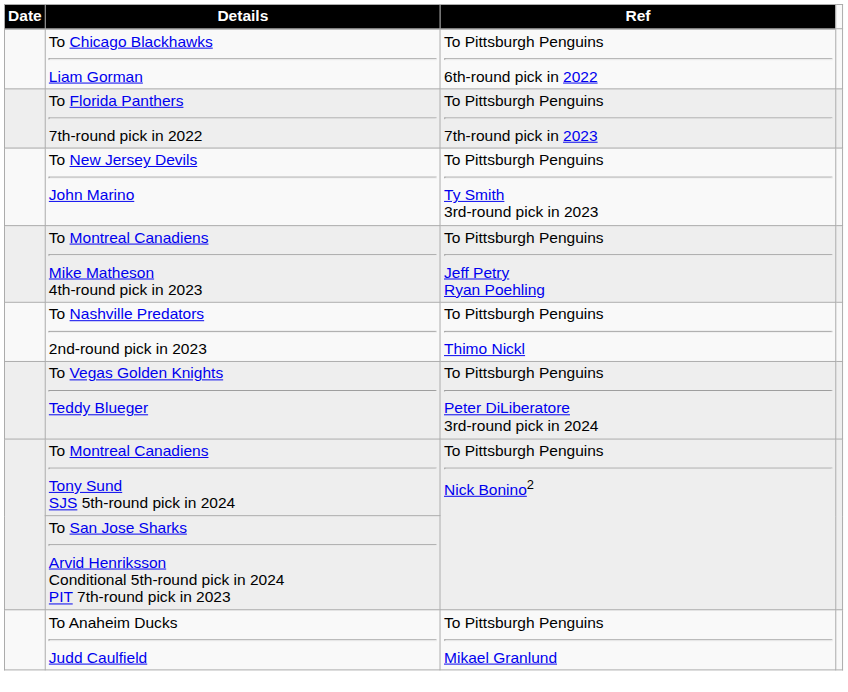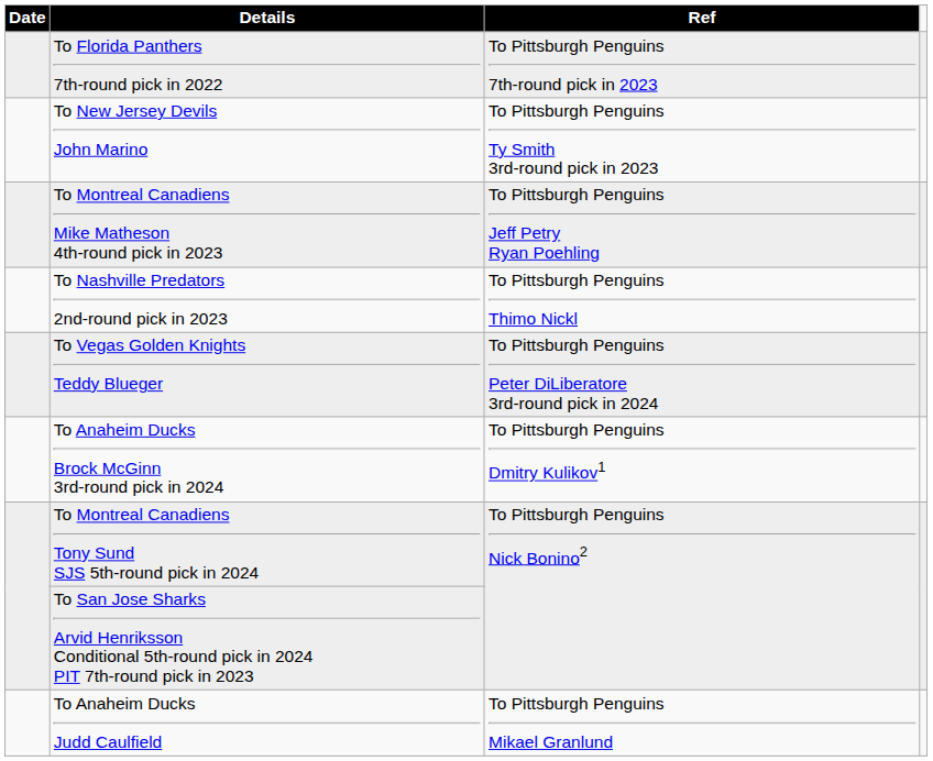 <table class="wikitable">
 <tr>
 <th style="color:white; background:#000000; ">Date</th>
 <th style="color:white; background:#000000; ">Details</th>
 <th style="color:white; background:#000000; ">Ref</th>
-</tr>
-<tr>
-<td></td>
-<td style="width: 25em;" valign="top">To <a href='#'>Chicago Blackhawks</a><hr><a href='#'>Liam Gorman</a></td>
-<td style="width: 25em;" valign="top">To Pittsburgh Penguins<hr>6th-round pick in <a href='#'>2022</a></td>
-<td></td>
 </tr>
 <tr bgcolor="eeeeee">
 <td></td>
 <td style="width: 25em;" valign="top">To <a href='#'>Florida Panthers</a><hr>7th-round pick in 2022</td>
 <td style="width: 25em;" valign="top">To Pittsburgh Penguins<hr>7th-round pick in <a href='#'>2023</a></td>
 <td></td>
 </tr>
 <tr>
 <td></td>
 <td style="width: 25em;" valign="top">To <a href='#'>New Jersey Devils</a><hr><a href='#'>John Marino</a></td>
 <td style="width: 25em;" valign="top">To Pittsburgh Penguins<hr><a href='#'>Ty Smith</a><br>3rd-round pick in 2023</td>
 <td></td>
 </tr>
 <tr bgcolor="eeeeee">
 <td></td>
 <td style="width: 25em;" valign="top">To <a href='#'>Montreal Canadiens</a><hr><a href='#'>Mike Matheson</a><br>4th-round pick in 2023</td>
 <td style="width: 25em;" valign="top">To Pittsburgh Penguins<hr><a href='#'>Jeff Petry</a><br><a href='#'>Ryan Poehling</a></td>
 <td></td>
 </tr>
 <tr>
 <td></td>
 <td style="width: 25em;" valign="top">To <a href='#'>Nashville Predators</a><hr>2nd-round pick in 2023</td>
 <td style="width: 25em;" valign="top">To Pittsburgh Penguins<hr><a href='#'>Thimo Nickl</a></td>
 <td></td>
 </tr>
 <tr bgcolor="eeeeee">
 <td></td>
 <td style="width: 25em;" valign="top">To <a href='#'>Vegas Golden Knights</a><hr><a href='#'>Teddy Blueger</a></td>
 <td style="width: 25em;" valign="top">To Pittsburgh Penguins<hr><a href='#'>Peter DiLiberatore</a><br>3rd-round pick in 2024</td>
 <td></td>
 </tr>
+<tr>
+<td></td>
+<td style="width: 25em;" valign="top">To <a href='#'>Anaheim Ducks</a><hr><a href='#'>Brock McGinn</a><br>3rd-round pick in 2024</td>
+<td style="width: 25em;" valign="top">To Pittsburgh Penguins<hr><a href='#'>Dmitry Kulikov</a><sup>1</sup></td>
+<td></td>
+</tr>
 <tr bgcolor="eeeeee">
 <td rowspan=2></td>
 <td valign="top">To <a href='#'>Montreal Canadiens</a><hr><a href='#'>Tony Sund</a><br><a href='#'>SJS</a> 5th-round pick in 2024</td>
 <td rowspan=2; valign="top">To Pittsburgh Penguins<hr><a href='#'>Nick Bonino</a><sup>2</sup></td>
 <td rowspan=2></td>
 </tr>
 <tr bgcolor="eeeeee">
 <td valign="top">To <a href='#'>San Jose Sharks</a><hr><a href='#'>Arvid Henriksson</a><br>Conditional 5th-round pick in 2024<br><a href='#'>PIT</a> 7th-round pick in 2023</td>
 </tr>
 <tr>
 <td></td>
 <td style="width: 25em;" valign="top">To Anaheim Ducks<hr><a href='#'>Judd Caulfield</a></td>
 <td style="width: 25em;" valign="top">To Pittsburgh Penguins<hr><a href='#'>Mikael Granlund</a></td>
 <td></td>
 </tr>
 </table>
